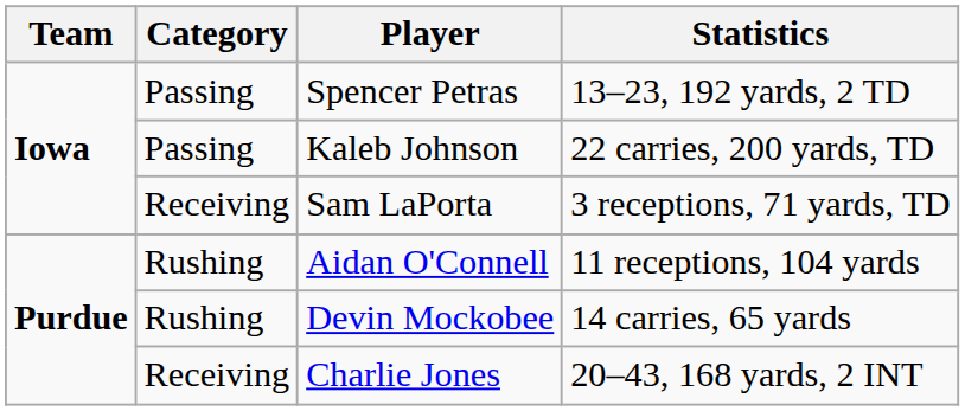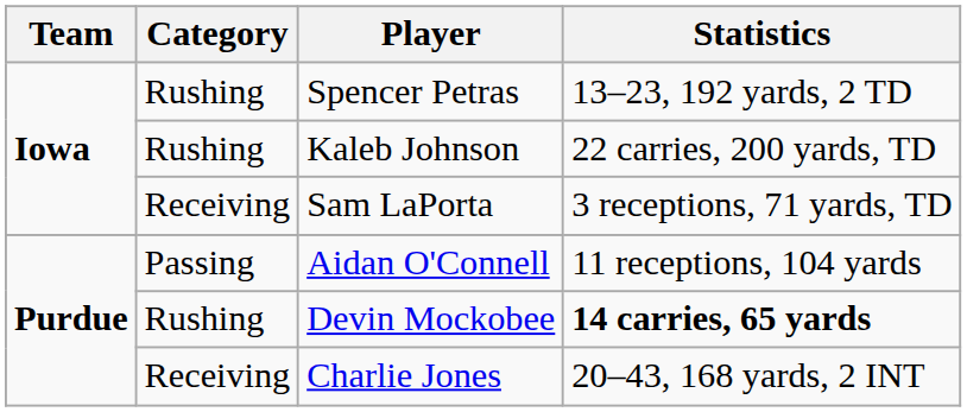 <table class="wikitable" style="float: left;">
 <tr>
 <th>Team</th>
 <th>Category</th>
 <th>Player</th>
 <th>Statistics</th>
 </tr>
 <tr>
 <td rowspan=3><strong>Iowa</strong></td>
-<td>Passing</td>
+<td>Rushing</td>
 <td>Spencer Petras</td>
 <td>13–23, 192 yards, 2 TD</td>
 </tr>
 <tr>
-<td>Passing</td>
+<td>Rushing</td>
 <td>Kaleb Johnson</td>
 <td>22 carries, 200 yards, TD</td>
 </tr>
 <tr>
 <td>Receiving</td>
 <td>Sam LaPorta</td>
 <td>3 receptions, 71 yards, TD</td>
 </tr>
 <tr>
 <td rowspan=3><strong>Purdue</strong></td>
-<td>Rushing</td>
+<td>Passing</td>
 <td><a href='#'>Aidan O'Connell</a></td>
 <td>11 receptions, 104 yards</td>
 </tr>
 <tr>
 <td>Rushing</td>
 <td><a href='#'>Devin Mockobee</a></td>
-<td>14 carries, 65 yards</td>
+<td><strong>14 carries, 65 yards</strong></td>
 </tr>
 <tr>
 <td>Receiving</td>
 <td><a href='#'>Charlie Jones</a></td>
 <td>20–43, 168 yards, 2 INT</td>
 </tr>
 </table>
